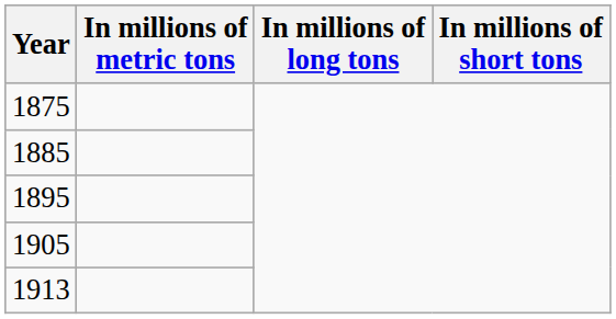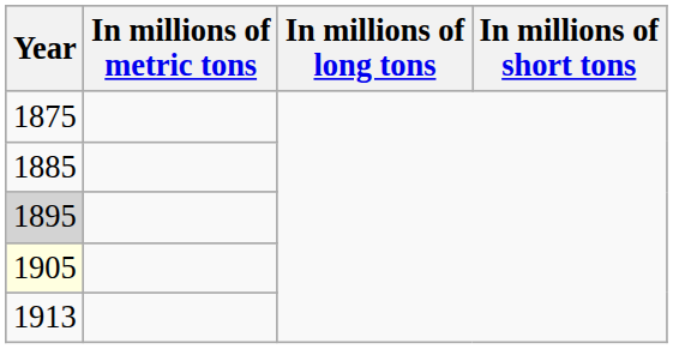 <table class="wikitable" style="margin:0; text-align:left;">
 <tr>
 <th>Year</th>
 <th>In millions of<br><a href='#'>metric tons</a></th>
 <th>In millions of<br><a href='#'>long tons</a></th>
 <th>In millions of<br><a href='#'>short tons</a></th>
 </tr>
 <tr>
 <td>1875</td>
 <td></td>
 </tr>
 <tr>
 <td>1885</td>
 <td></td>
 </tr>
 <tr>
-<td>1895</td>
+<td style="background: lightgrey;">1895</td>
 <td></td>
 </tr>
 <tr>
-<td>1905</td>
+<td style="background: lightyellow;">1905</td>
 <td></td>
 </tr>
 <tr>
 <td>1913</td>
 <td></td>
 </tr>
 </table>
